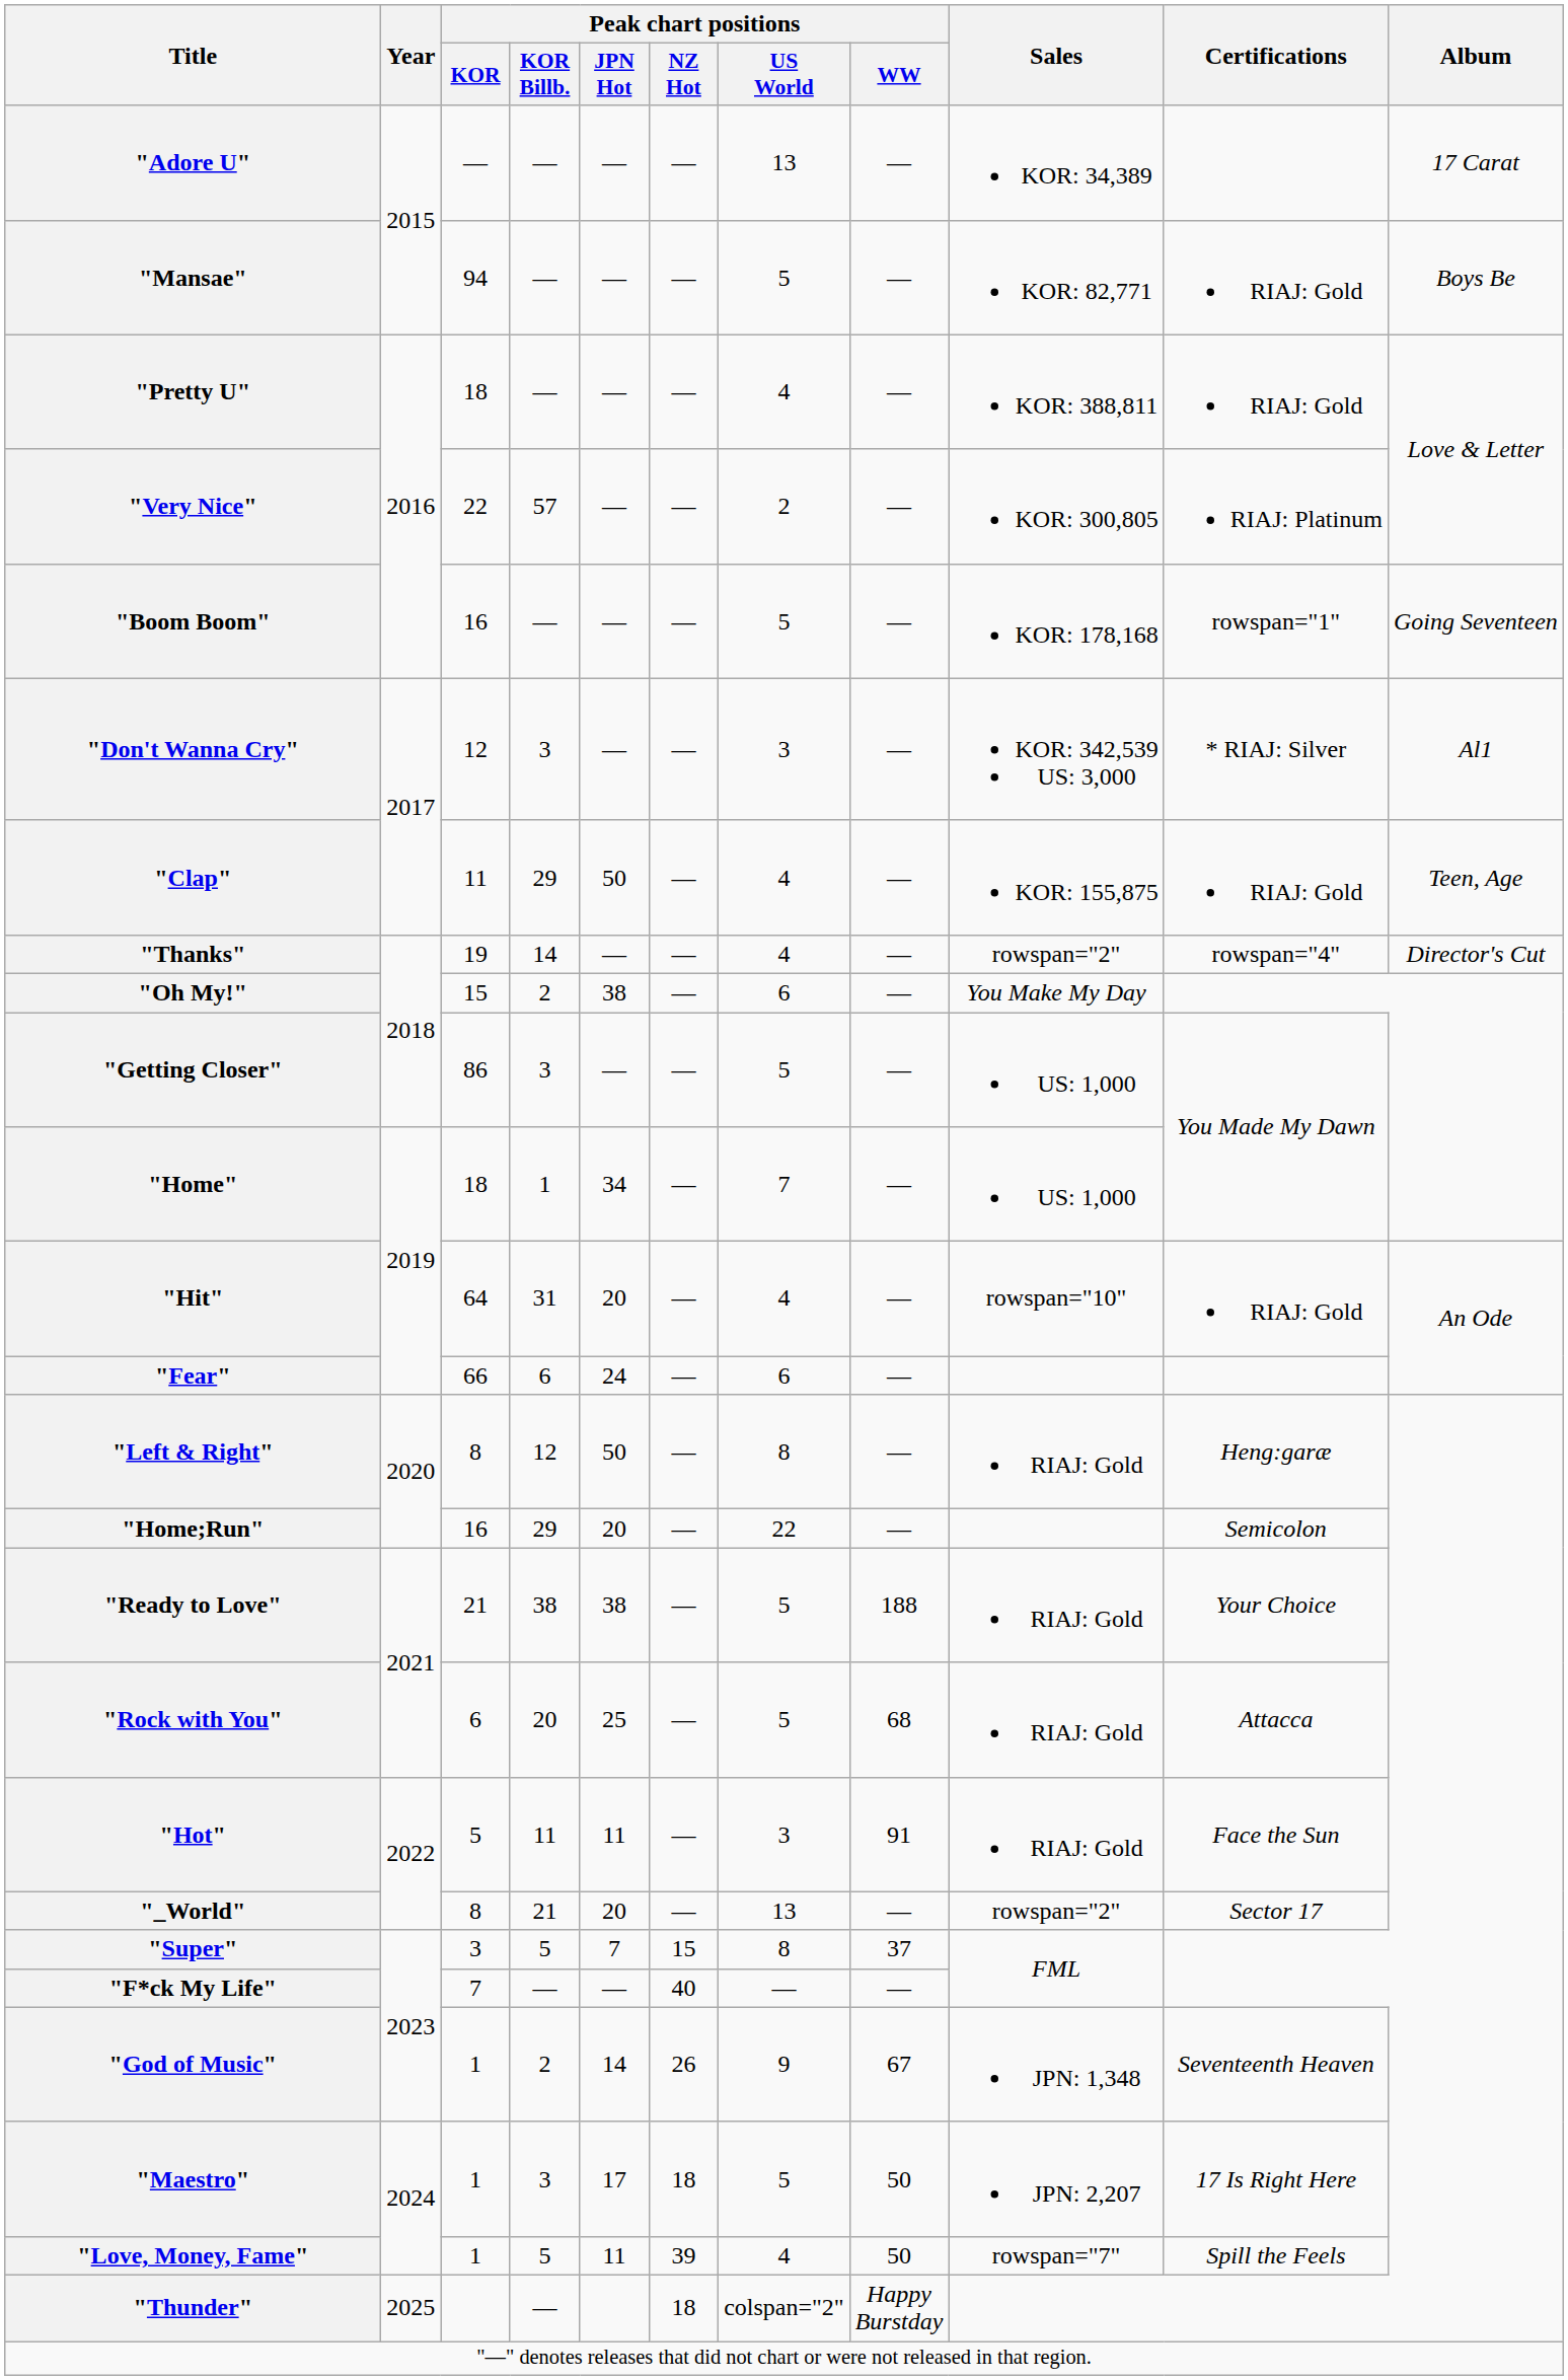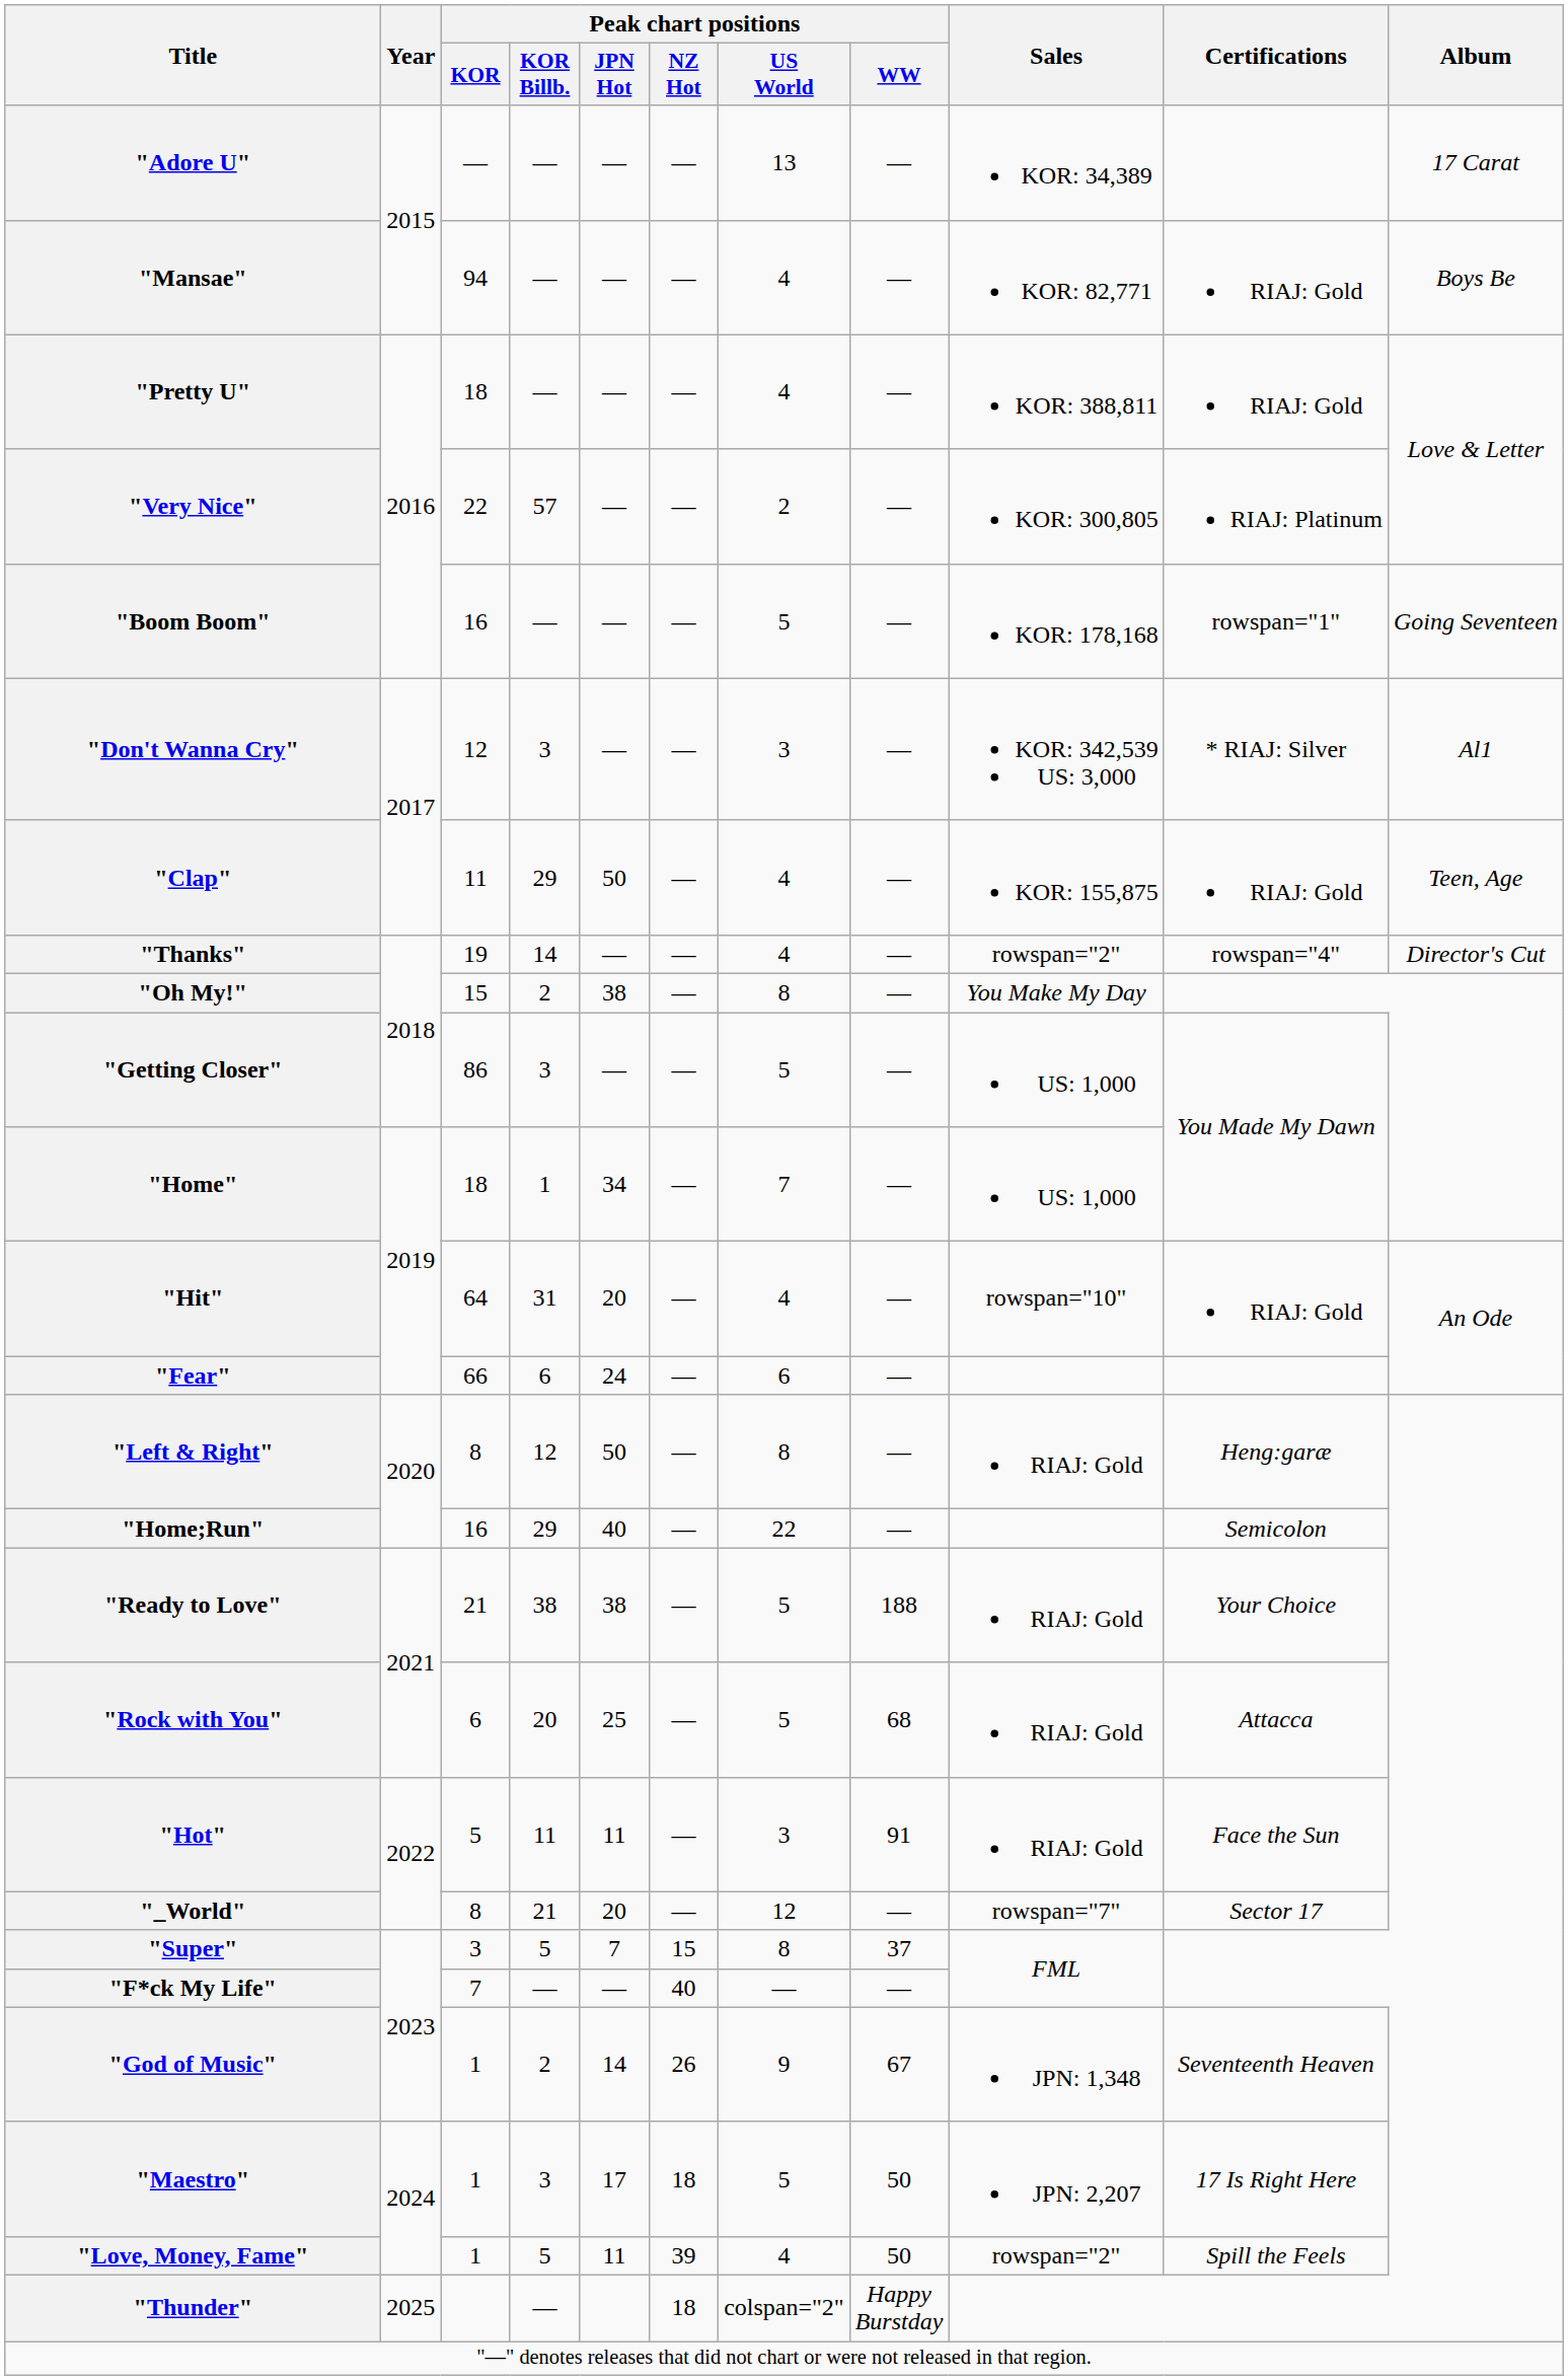 <table class="wikitable plainrowheaders" style="text-align:center">
 <tr>
 <th rowspan="2" scope="col" style="width:15em">Title</th>
 <th rowspan="2" scope="col">Year</th>
 <th colspan="6" scope="col">Peak chart positions</th>
 <th rowspan="2" scope="col">Sales<br></th>
 <th rowspan="2" scope="col">Certifications</th>
 <th rowspan="2" scope="col">Album</th>
 </tr>
 <tr>
 <th scope="col" style="width:2.7em;font-size:90%;"><a href='#'>KOR</a><br></th>
 <th scope="col" style="width:2.7em;font-size:90%;"><a href='#'>KOR<br>Billb.</a><br></th>
 <th scope="col" style="width:2.7em;font-size:90%;"><a href='#'>JPN<br>Hot</a><br></th>
 <th scope="col" style="width:2.7em;font-size:90%;"><a href='#'>NZ<br>Hot</a><br></th>
 <th scope="col" style="width:2.7em;font-size:90%;"><a href='#'>US<br>World</a><br></th>
 <th scope="col" style="width:2.7em;font-size:90%;"><a href='#'>WW</a><br></th>
 </tr>
 <tr>
 <th scope="row">"<a href='#'>Adore U</a>" </th>
 <td rowspan="2">2015</td>
 <td>—</td>
 <td>—</td>
 <td>—</td>
 <td>—</td>
 <td>13</td>
 <td>—</td>
 <td><br><ul><li>KOR: 34,389</li></ul></td>
 <td></td>
 <td><em>17 Carat</em></td>
 </tr>
 <tr>
 <th scope="row">"Mansae" </th>
 <td>94</td>
 <td>—</td>
 <td>—</td>
 <td>—</td>
-<td>5</td>
+<td>4</td>
 <td>—</td>
 <td><br><ul><li>KOR: 82,771</li></ul></td>
 <td><br><ul><li>RIAJ: Gold</li></ul></td>
 <td><em>Boys Be</em></td>
 </tr>
 <tr>
 <th scope="row">"Pretty U" </th>
 <td rowspan="3">2016</td>
 <td>18</td>
 <td>—</td>
 <td>—</td>
 <td>—</td>
 <td>4</td>
 <td>—</td>
 <td><br><ul><li>KOR: 388,811</li></ul></td>
 <td><br><ul><li>RIAJ: Gold</li></ul></td>
 <td rowspan="2"><em>Love & Letter</em></td>
 </tr>
 <tr>
 <th scope="row">"<a href='#'>Very Nice</a>" </th>
 <td>22</td>
 <td>57</td>
 <td>—</td>
 <td>—</td>
 <td>2</td>
 <td>—</td>
 <td><br><ul><li>KOR: 300,805</li></ul></td>
 <td><br><ul><li>RIAJ: Platinum</li></ul></td>
 </tr>
 <tr>
 <th scope="row">"Boom Boom" </th>
 <td>16</td>
 <td>—</td>
 <td>—</td>
 <td>—</td>
 <td>5</td>
 <td>—</td>
 <td><br><ul><li>KOR: 178,168</li></ul></td>
 <td>rowspan="1" </td>
 <td><em>Going Seventeen</em></td>
 </tr>
 <tr>
 <th scope="row">"<a href='#'>Don't Wanna Cry</a>" </th>
 <td rowspan="2">2017</td>
 <td>12</td>
 <td>3</td>
 <td>—</td>
 <td>—</td>
 <td>3</td>
 <td>—</td>
 <td><br><ul><li>KOR: 342,539</li><li>US: 3,000</li></ul></td>
 <td>* RIAJ: Silver</td>
 <td><em>Al1</em></td>
 </tr>
 <tr>
 <th scope="row">"<a href='#'>Clap</a>" </th>
 <td>11</td>
 <td>29</td>
 <td>50</td>
 <td>—</td>
 <td>4</td>
 <td>—</td>
 <td><br><ul><li>KOR: 155,875</li></ul></td>
 <td><br><ul><li>RIAJ: Gold</li></ul></td>
 <td><em>Teen, Age</em></td>
 </tr>
 <tr>
 <th scope="row">"Thanks" </th>
 <td rowspan="3">2018</td>
 <td>19</td>
 <td>14</td>
 <td>—</td>
 <td>—</td>
 <td>4</td>
 <td>—</td>
 <td>rowspan="2" </td>
 <td>rowspan="4" </td>
 <td><em>Director's Cut</em></td>
 </tr>
 <tr>
 <th scope="row">"Oh My!" </th>
 <td>15</td>
 <td>2</td>
 <td>38</td>
 <td>—</td>
-<td>6</td>
+<td>8</td>
 <td>—</td>
 <td><em>You Make My Day</em></td>
 </tr>
 <tr>
 <th scope="row">"Getting Closer" </th>
 <td>86</td>
 <td>3</td>
 <td>—</td>
 <td>—</td>
 <td>5</td>
 <td>—</td>
 <td><br><ul><li>US: 1,000</li></ul></td>
 <td rowspan="2"><em>You Made My Dawn</em></td>
 </tr>
 <tr>
 <th scope="row">"Home"</th>
 <td rowspan="3">2019</td>
 <td>18</td>
 <td>1</td>
 <td>34</td>
 <td>—</td>
 <td>7</td>
 <td>—</td>
 <td><br><ul><li>US: 1,000</li></ul></td>
 </tr>
 <tr>
 <th scope="row">"Hit"</th>
 <td>64</td>
 <td>31</td>
 <td>20</td>
 <td>—</td>
 <td>4</td>
 <td>—</td>
 <td>rowspan="10" </td>
 <td><br><ul><li>RIAJ: Gold</li></ul></td>
 <td rowspan="2"><em>An Ode</em></td>
 </tr>
 <tr>
 <th scope="row">"<a href='#'>Fear</a>" </th>
 <td>66</td>
 <td>6</td>
 <td>24</td>
 <td>—</td>
 <td>6</td>
 <td>—</td>
 <td></td>
 </tr>
 <tr>
 <th scope="row">"<a href='#'>Left & Right</a>"</th>
 <td rowspan="2">2020</td>
 <td>8</td>
 <td>12</td>
 <td>50</td>
 <td>—</td>
 <td>8</td>
 <td>—</td>
 <td><br><ul><li>RIAJ: Gold</li></ul></td>
 <td><em>Heng:garæ</em></td>
 </tr>
 <tr>
 <th scope="row">"Home;Run"</th>
 <td>16</td>
 <td>29</td>
-<td>20</td>
+<td>40</td>
 <td>—</td>
 <td>22</td>
 <td>—</td>
 <td></td>
 <td><em>Semicolon</em></td>
 </tr>
 <tr>
 <th scope="row">"Ready to Love"</th>
 <td rowspan="2">2021</td>
 <td>21</td>
 <td>38</td>
 <td>38</td>
 <td>—</td>
 <td>5</td>
 <td>188</td>
 <td><br><ul><li>RIAJ: Gold</li></ul></td>
 <td><em>Your Choice</em></td>
 </tr>
 <tr>
 <th scope="row">"<a href='#'>Rock with You</a>"</th>
 <td>6</td>
 <td>20</td>
 <td>25</td>
 <td>—</td>
 <td>5</td>
 <td>68</td>
 <td><br><ul><li>RIAJ: Gold</li></ul></td>
 <td><em>Attacca</em></td>
 </tr>
 <tr>
 <th scope="row">"<a href='#'>Hot</a>"</th>
 <td rowspan="2">2022</td>
 <td>5</td>
 <td>11</td>
 <td>11</td>
 <td>—</td>
 <td>3</td>
 <td>91</td>
 <td><br><ul><li>RIAJ: Gold</li></ul></td>
 <td><em>Face the Sun</em></td>
 </tr>
 <tr>
 <th scope="row">"_World"</th>
 <td>8</td>
 <td>21</td>
 <td>20</td>
 <td>—</td>
-<td>13</td>
+<td>12</td>
 <td>—</td>
-<td>rowspan="2" </td>
+<td>rowspan="7" </td>
 <td><em>Sector 17</em></td>
 </tr>
 <tr>
 <th scope="row">"<a href='#'>Super</a>" </th>
 <td rowspan="3">2023</td>
 <td>3</td>
 <td>5</td>
 <td>7</td>
 <td>15</td>
 <td>8</td>
 <td>37</td>
 <td rowspan="2"><em>FML</em></td>
 </tr>
 <tr>
 <th scope="row">"F*ck My Life"</th>
 <td>7</td>
 <td>—</td>
 <td>—</td>
 <td>40</td>
 <td>—</td>
 <td>—</td>
 </tr>
 <tr>
 <th scope="row">"<a href='#'>God of Music</a>" </th>
 <td>1</td>
 <td>2</td>
 <td>14</td>
 <td>26</td>
 <td>9</td>
 <td>67</td>
 <td><br><ul><li>JPN: 1,348 </li></ul></td>
 <td><em>Seventeenth Heaven</em></td>
 </tr>
 <tr>
 <th scope="row">"<a href='#'>Maestro</a>"</th>
 <td rowspan="2">2024</td>
 <td>1</td>
 <td>3</td>
 <td>17</td>
 <td>18</td>
 <td>5</td>
 <td>50</td>
 <td><br><ul><li>JPN: 2,207 </li></ul></td>
 <td><em>17 Is Right Here</em></td>
 </tr>
 <tr>
 <th scope="row">"<a href='#'>Love, Money, Fame</a>"<br></th>
 <td>1</td>
 <td>5</td>
 <td>11</td>
 <td>39</td>
 <td>4</td>
 <td>50</td>
-<td>rowspan="7" </td>
+<td>rowspan="2" </td>
 <td><em>Spill the Feels</em></td>
 </tr>
 <tr>
 <th scope="row">"<a href='#'>Thunder</a>"</th>
 <td>2025</td>
 <td></td>
 <td>—</td>
 <td></td>
 <td>18</td>
 <td>colspan="2" </td>
 <td><em>Happy Burstday</em></td>
 </tr>
 <tr>
 <td colspan="11" style="font-size:85%">"—" denotes releases that did not chart or were not released in that region.</td>
 </tr>
 </table>
